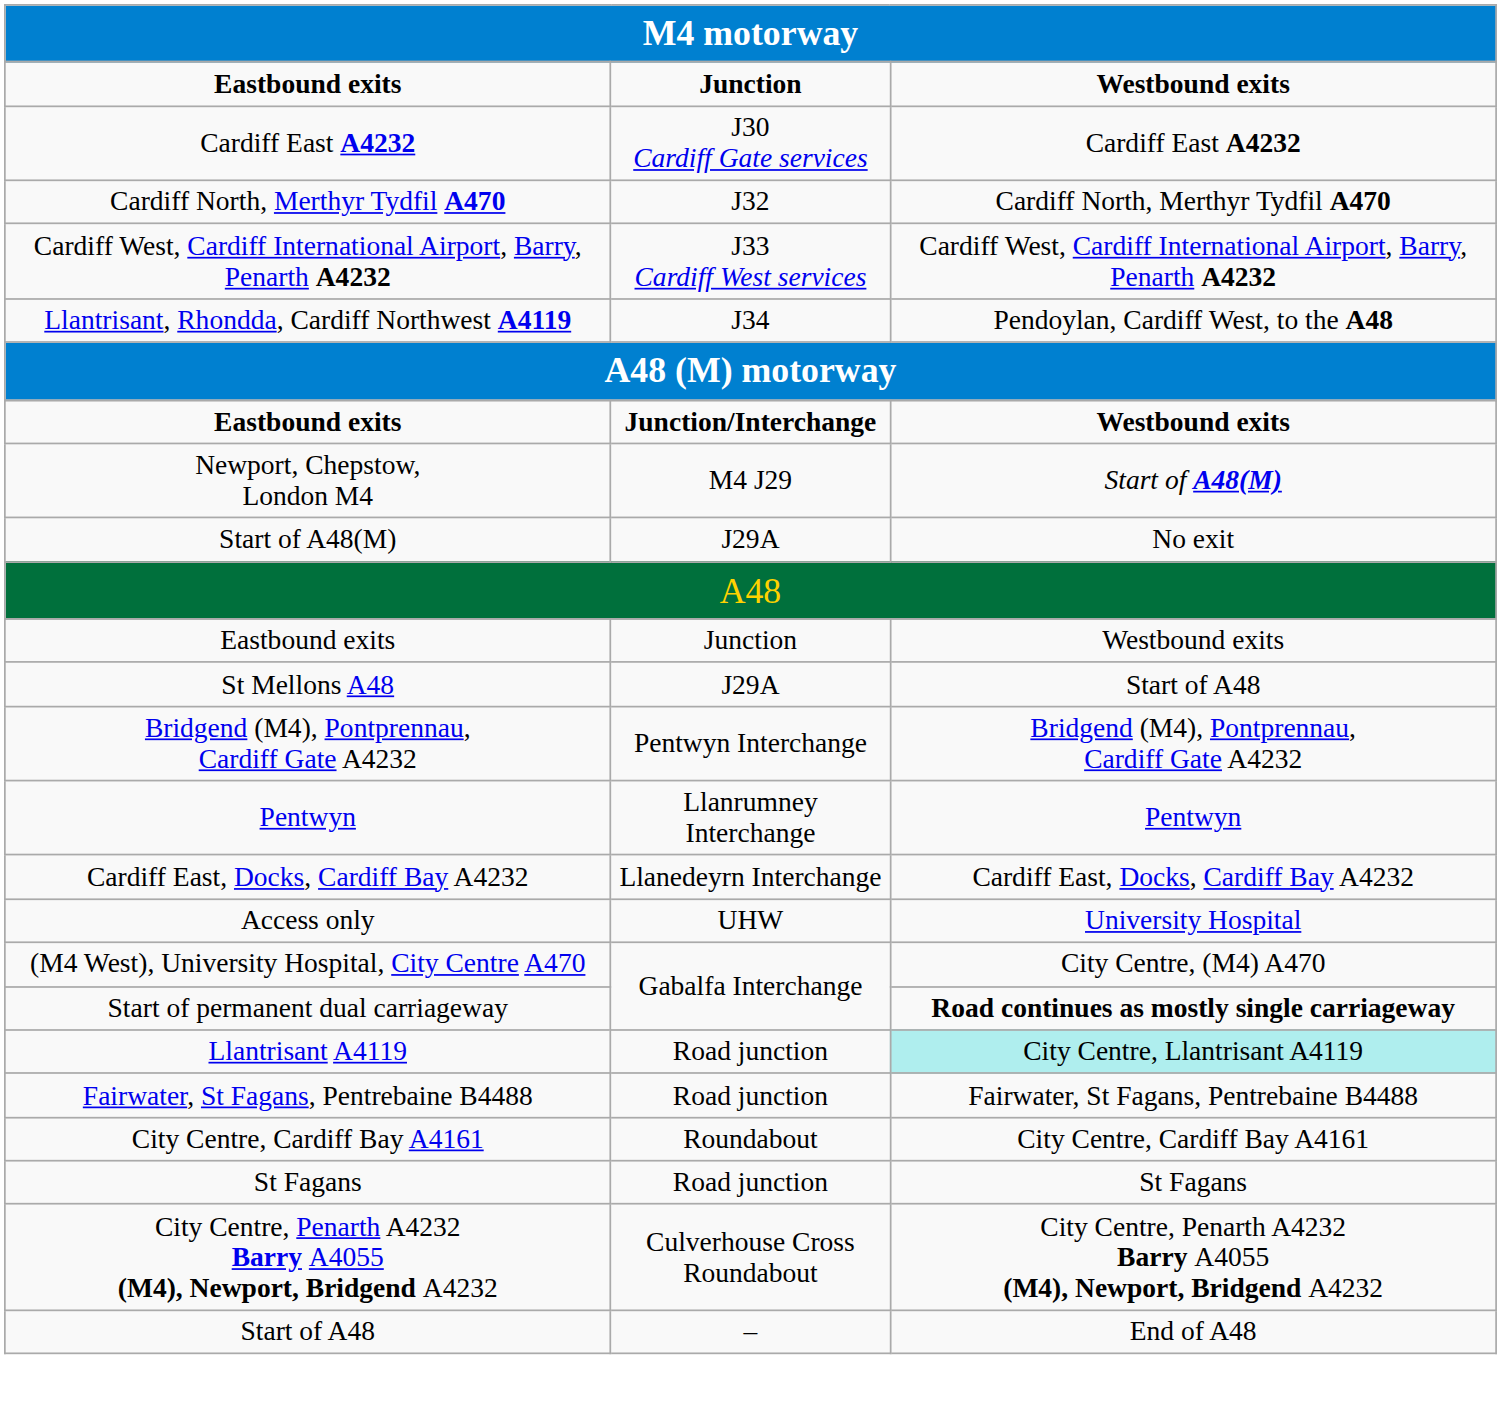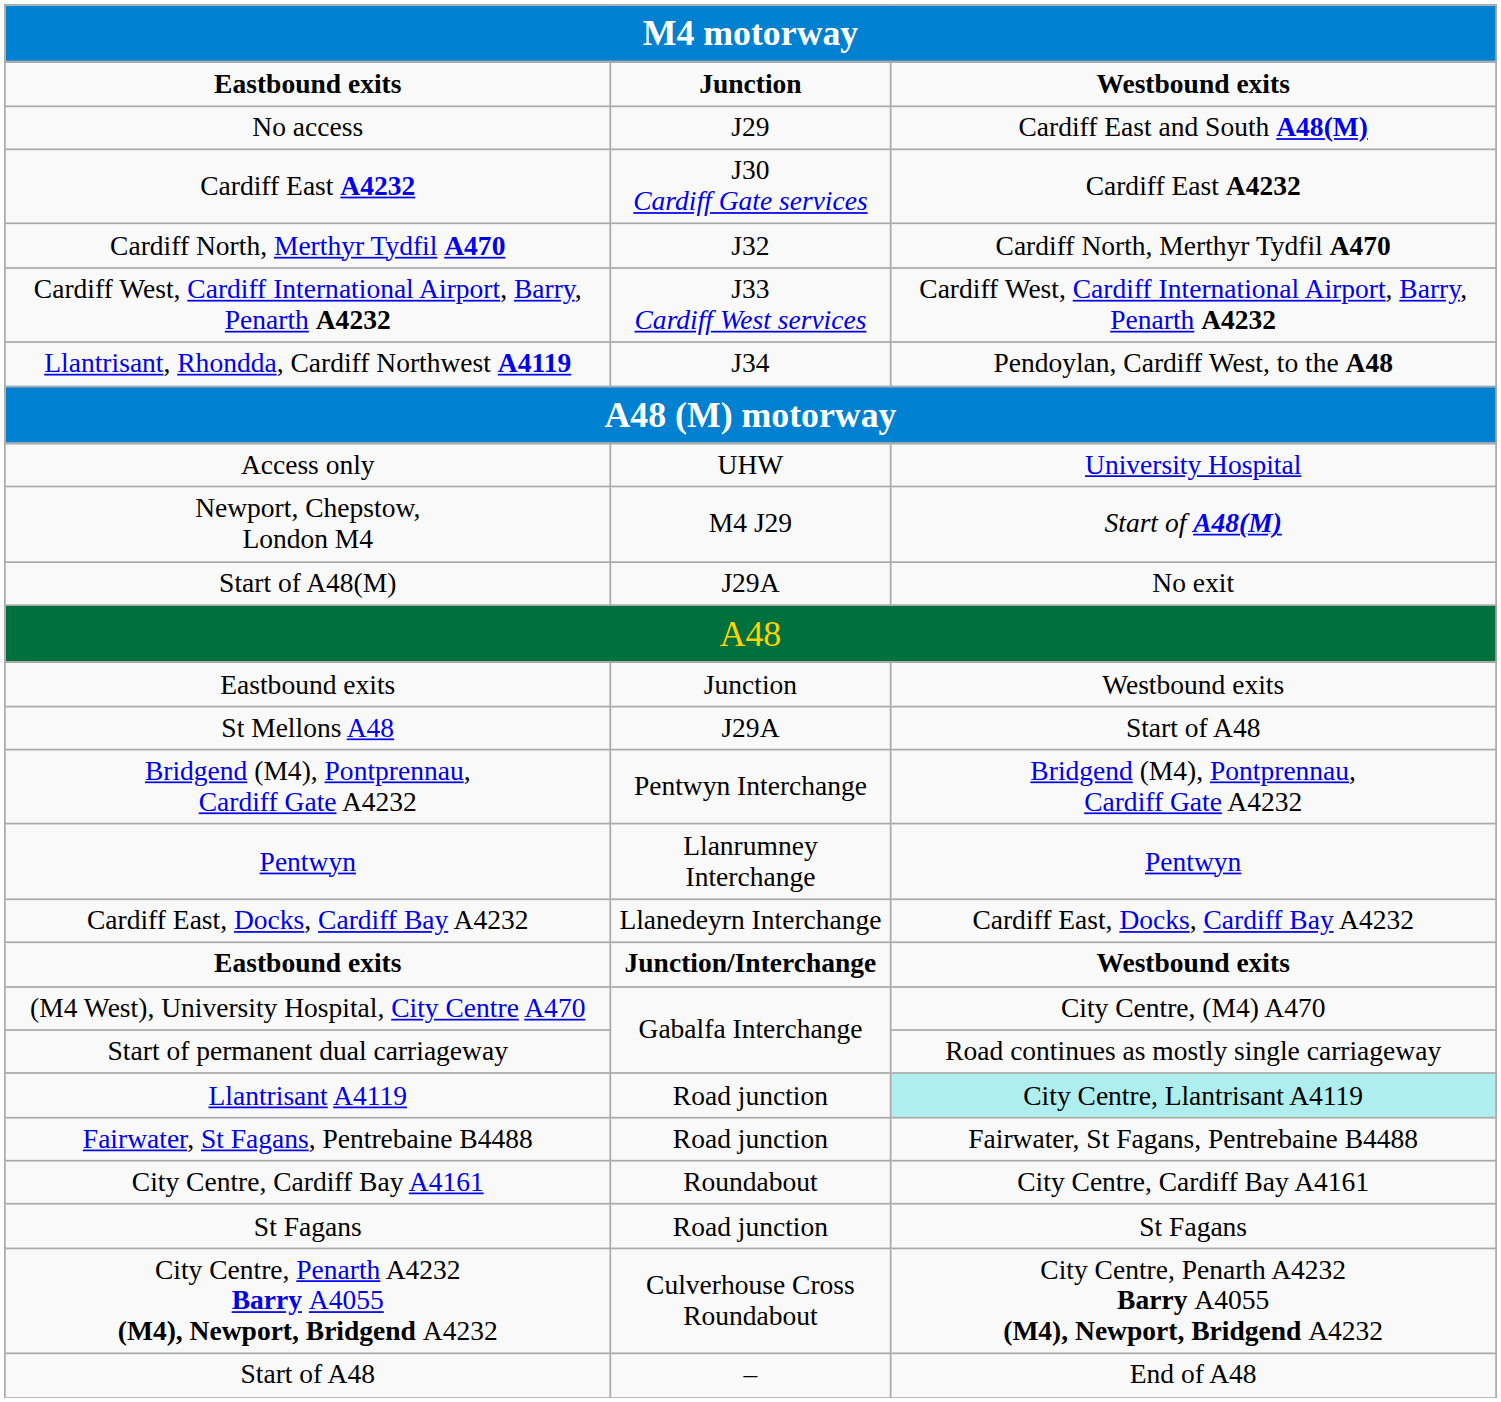 <table class = "wikitable">
 <tr>
 <td colspan=3 style="text-align: center; background-color:#0080d0; color:white;font-size:130%;"><strong>M4 motorway</strong></td>
 </tr>
 <tr>
 </tr>
 <tr style="text-align:center;">
 <td><strong>Eastbound exits</strong></td>
 <td><strong>Junction</strong></td>
 <td><strong>Westbound exits</strong></td>
+</tr>
+<tr style="text-align:center;">
+<td>No access</td>
+<td>J29</td>
+<td>Cardiff East and South <strong><a href='#'>A48(M)</a></strong></td>
 </tr>
 <tr style="text-align:center;">
 <td>Cardiff East <strong><a href='#'>A4232</a></strong></td>
 <td>J30 <br><em><a href='#'>Cardiff Gate services</a></em></td>
 <td>Cardiff East <strong>A4232</strong></td>
 </tr>
 <tr style="text-align:center;">
 <td>Cardiff North, <a href='#'>Merthyr Tydfil</a> <strong><a href='#'>A470</a></strong></td>
 <td>J32</td>
 <td>Cardiff North, Merthyr Tydfil <strong>A470</strong></td>
 </tr>
 <tr style="text-align:center;">
 <td>Cardiff West, <a href='#'>Cardiff International Airport</a>, <a href='#'>Barry</a>, <a href='#'>Penarth</a> <strong>A4232</strong></td>
 <td>J33<br><em><a href='#'>Cardiff West services</a></em></td>
 <td>Cardiff West, <a href='#'>Cardiff International Airport</a>, <a href='#'>Barry</a>, <a href='#'>Penarth</a> <strong>A4232</strong></td>
 </tr>
 <tr style="text-align:center;">
 <td><a href='#'>Llantrisant</a>, <a href='#'>Rhondda</a>, Cardiff Northwest  <strong><a href='#'>A4119</a></strong></td>
 <td>J34</td>
 <td>Pendoylan, Cardiff West, to the <strong>A48</strong></td>
 </tr>
 <tr>
 <td colspan=3 style="text-align: center; background-color:#0080d0; color:white;font-size:130%;"><strong>A48 (M) motorway</strong></td>
 </tr>
 <tr>
 </tr>
 <tr style="text-align:center;">
-<td><strong>Eastbound exits</strong></td>
-<td><strong>Junction/Interchange</strong></td>
-<td><strong>Westbound exits</strong></td>
+<td>Access only</td>
+<td>UHW</td>
+<td><a href='#'>University Hospital</a></td>
 </tr>
 <tr style="text-align:center;">
 <td>Newport, Chepstow, <br>London M4</td>
 <td>M4 J29</td>
 <td><em>Start of <strong><a href='#'>A48(M)</a><strong><em></td>
 </tr>
 <tr style="text-align:center;">
 <td>Start of A48(M)</td>
 <td>J29A</td>
 <td>No exit</td>
 </tr>
 <tr>
 <td colspan=3 style="text-align: center; background-color: #00703c; color: #ffd200; font-size:130%;"></strong>A48<strong></td>
 </tr>
 <tr>
 </tr>
 <tr style="text-align:center;">
 <td></strong>Eastbound exits<strong></td>
 <td></strong>Junction<strong></td>
 <td></strong>Westbound exits<strong></td>
 </tr>
 <tr style="text-align:center;">
 <td>St Mellons </strong><a href='#'>A48</a><strong></td>
 <td>J29A</td>
 <td>Start of A48</td>
 </tr>
 <tr style="text-align:center;">
 <td><a href='#'>Bridgend</a> (M4), <a href='#'>Pontprennau</a>, <br><a href='#'>Cardiff Gate</a> </strong>A4232<strong></td>
 <td>Pentwyn Interchange</td>
 <td><a href='#'>Bridgend</a> (M4), <a href='#'>Pontprennau</a>, <br><a href='#'>Cardiff Gate</a> </strong>A4232<strong></td>
 </tr>
 <tr style="text-align:center;">
 <td><a href='#'>Pentwyn</a></td>
 <td>Llanrumney Interchange</td>
 <td><a href='#'>Pentwyn</a></td>
 </tr>
 <tr style="text-align:center;">
 <td>Cardiff East, <a href='#'>Docks</a>, <a href='#'>Cardiff Bay</a> </strong>A4232<strong></td>
 <td>Llanedeyrn Interchange</td>
 <td>Cardiff East, <a href='#'>Docks</a>, <a href='#'>Cardiff Bay</a> </strong>A4232<strong></td>
 </tr>
 <tr style="text-align:center;">
-<td>Access only</td>
-<td>UHW</td>
-<td><a href='#'>University Hospital</a></td>
+<td><strong>Eastbound exits</strong></td>
+<td><strong>Junction/Interchange</strong></td>
+<td><strong>Westbound exits</strong></td>
 </tr>
 <tr style="text-align:center;">
 <td>(M4 West), University Hospital, <a href='#'>City Centre</a> </strong><a href='#'>A470</a><strong></td>
 <td rowspan="2">Gabalfa Interchange</td>
 <td>City Centre, (M4) </strong>A470<strong></td>
 </tr>
 <tr style="text-align:center;">
 <td></em>Start of permanent dual carriageway<em></td>
-<td><strong></em>Road continues as mostly single carriageway<em></strong></td>
+<td></em>Road continues as mostly single carriageway<em></td>
 </tr>
 <tr style="text-align:center;">
 <td><a href='#'>Llantrisant</a> </strong><a href='#'>A4119</a><strong></td>
 <td></em>Road junction<em></td>
 <td style="background: paleturquoise;">City Centre, Llantrisant </strong>A4119<strong></td>
 </tr>
 <tr style="text-align:center;">
 <td><a href='#'>Fairwater</a>, <a href='#'>St Fagans</a>, Pentrebaine </strong>B4488<strong></td>
 <td></em>Road junction<em></td>
 <td>Fairwater, St Fagans, Pentrebaine </strong>B4488<strong></td>
 </tr>
 <tr style="text-align:center;">
 <td>City Centre, Cardiff Bay </strong><a href='#'>A4161</a><strong></td>
 <td></em>Roundabout<em></td>
 <td>City Centre, Cardiff Bay </strong>A4161<strong></td>
 </tr>
 <tr style="text-align:center;">
 <td>St Fagans</td>
 <td></em>Road junction<em></td>
 <td>St Fagans</td>
 </tr>
 <tr style="text-align:center;">
 <td>City Centre, <a href='#'>Penarth</a> </strong>A4232<strong> <br> <a href='#'>Barry</a> </strong><a href='#'>A4055</a><strong> <br> (M4), Newport, Bridgend </strong>A4232<strong></td>
 <td>Culverhouse Cross <br></em>Roundabout<em></td>
 <td>City Centre, Penarth </strong>A4232<strong> <br> Barry </strong>A4055<strong> <br> (M4), Newport, Bridgend </strong>A4232<strong></td>
 </tr>
 <tr style="text-align:center;">
 <td></em>Start of A48<em></td>
 <td>–</td>
 <td></em>End of A48<em></td>
 </tr>
 </table>
